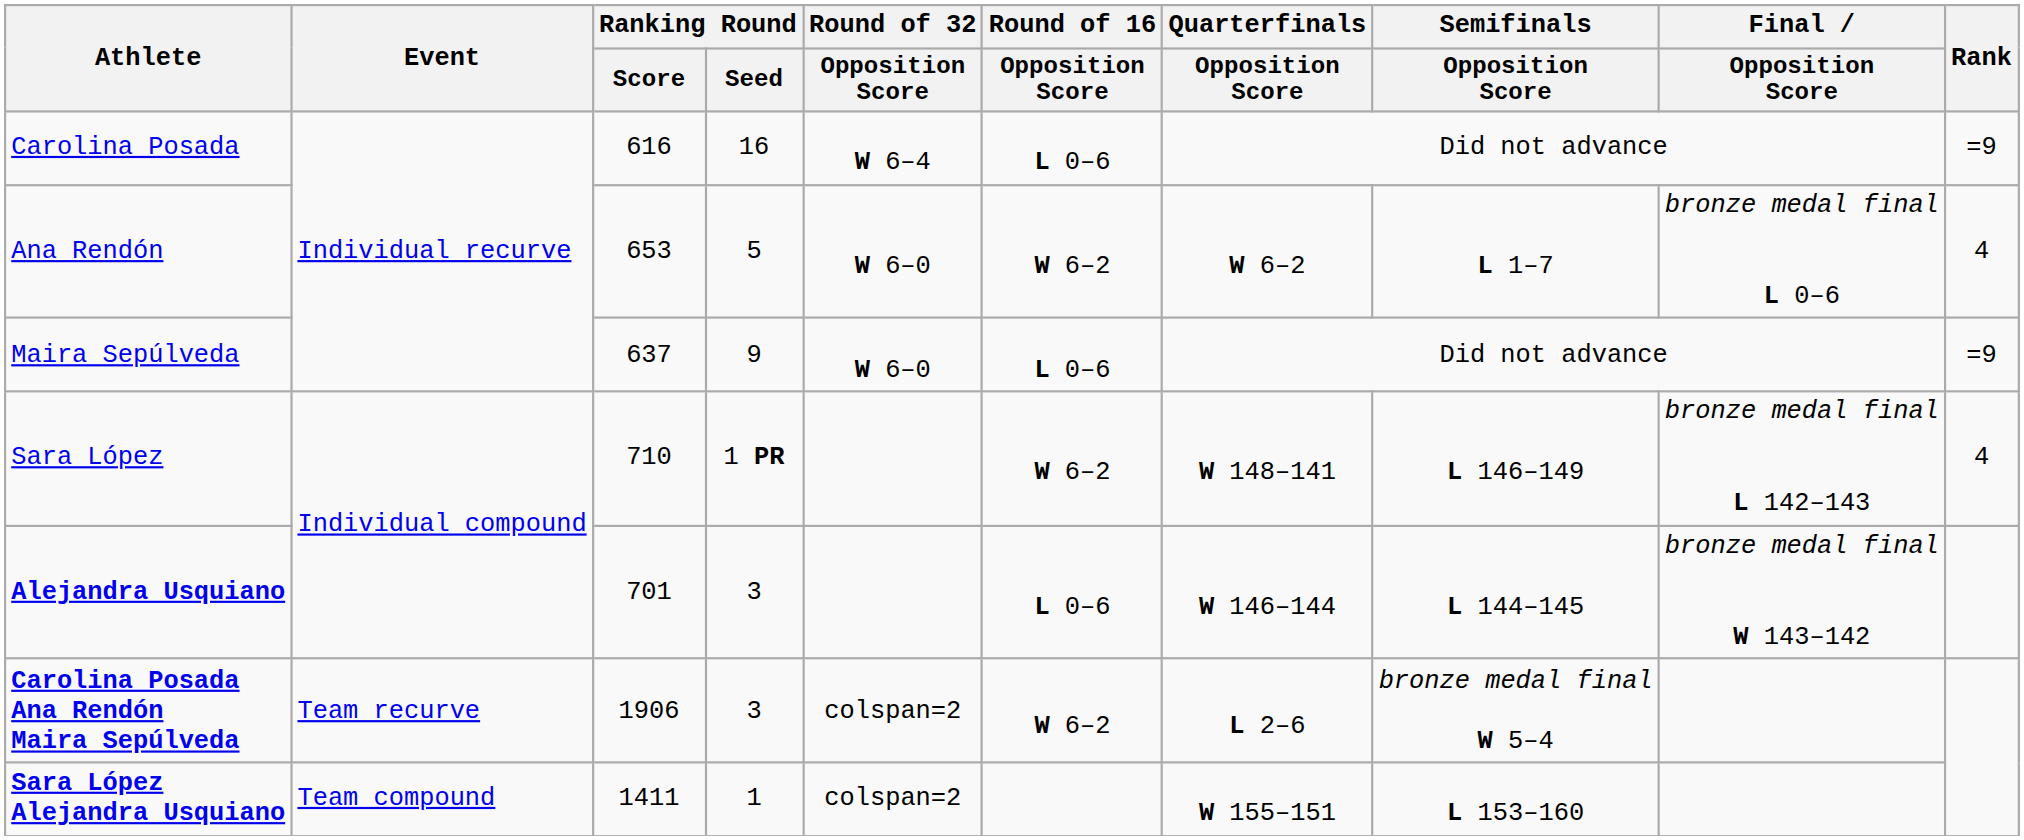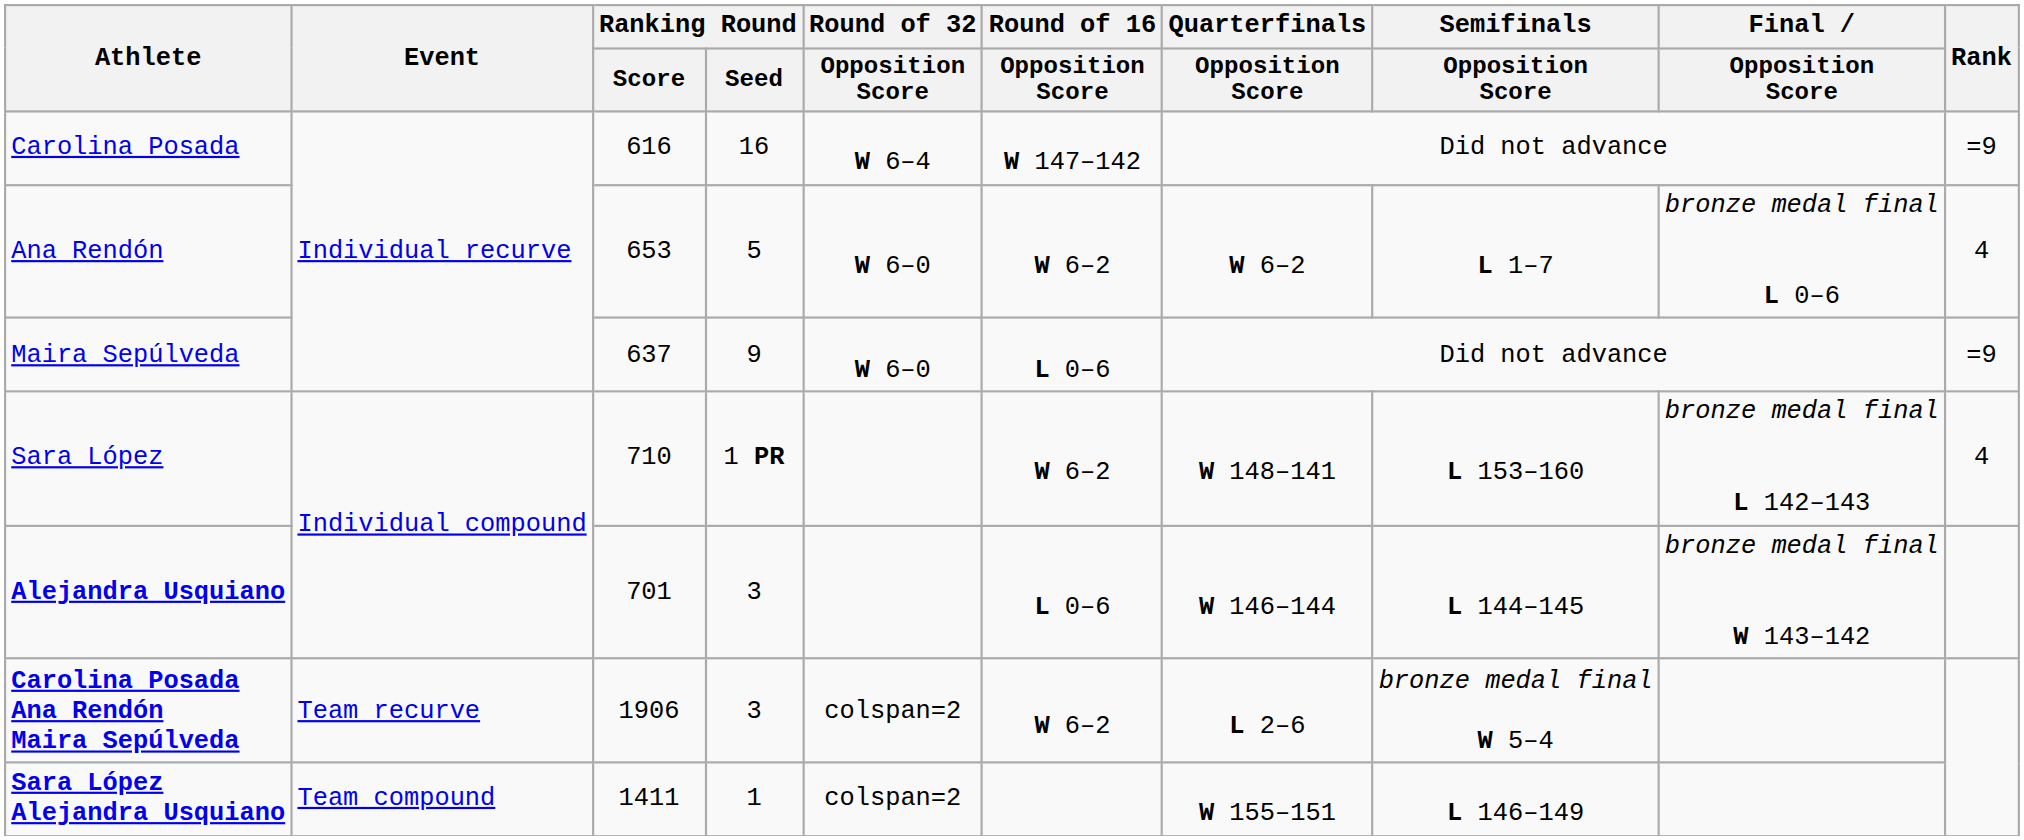 <table class="wikitable" style="font-size:90%">
 <tr>
 <th rowspan="2">Athlete</th>
 <th rowspan="2">Event</th>
 <th colspan="2">Ranking Round</th>
 <th>Round of 32</th>
 <th>Round of 16</th>
 <th>Quarterfinals</th>
 <th>Semifinals</th>
 <th>Final / </th>
 <th rowspan="2">Rank</th>
 </tr>
 <tr style="font-size:95%">
 <th>Score</th>
 <th>Seed</th>
 <th>Opposition<br>Score</th>
 <th>Opposition<br>Score</th>
 <th>Opposition<br>Score</th>
 <th>Opposition<br>Score</th>
 <th>Opposition<br>Score</th>
 </tr>
 <tr align=center>
 <td align=left><a href='#'>Carolina Posada</a></td>
 <td align=left rowspan=3><a href='#'>Individual recurve</a></td>
 <td>616</td>
 <td>16</td>
 <td><br><strong>W</strong> 6–4</td>
-<td><br><strong>L</strong> 0–6</td>
+<td><br><strong>W</strong> 147–142</td>
 <td colspan=3>Did not advance</td>
 <td>=9</td>
 </tr>
 <tr align=center>
 <td align=left><a href='#'>Ana Rendón</a></td>
 <td>653</td>
 <td>5</td>
 <td><br><strong>W</strong> 6–0</td>
 <td><br><strong>W</strong> 6–2</td>
 <td><br><strong>W</strong> 6–2</td>
 <td><br><strong>L</strong> 1–7</td>
 <td><em>bronze medal final</em><br><br><br> <strong>L</strong> 0–6</td>
 <td>4</td>
 </tr>
 <tr align=center>
 <td align=left><a href='#'>Maira Sepúlveda</a></td>
 <td>637</td>
 <td>9</td>
 <td><br><strong>W</strong> 6–0</td>
 <td><br> <strong>L</strong> 0–6</td>
 <td colspan=3>Did not advance</td>
 <td>=9</td>
 </tr>
 <tr align=center>
 <td align=left><a href='#'>Sara López</a></td>
 <td align=left rowspan=2><a href='#'>Individual compound</a></td>
 <td>710</td>
 <td>1 <strong>PR</strong></td>
 <td></td>
 <td><br><strong>W</strong> 6–2</td>
 <td><br><strong>W</strong> 148–141</td>
-<td><br><strong>L</strong> 146–149</td>
+<td><br> <strong>L</strong> 153–160</td>
 <td><em>bronze medal final</em><br><br><br> <strong>L</strong> 142–143</td>
 <td>4</td>
 </tr>
 <tr align=center>
 <td align=left><strong><a href='#'>Alejandra Usquiano</a></strong></td>
 <td>701</td>
 <td>3</td>
 <td></td>
 <td><br><strong>L</strong> 0–6</td>
 <td><br><strong>W</strong> 146–144</td>
 <td><br><strong>L</strong> 144–145</td>
 <td><em>bronze medal final</em><br><br><br> <strong>W</strong> 143–142</td>
 <td></td>
 </tr>
 <tr align=center>
 <td align=left><strong><a href='#'>Carolina Posada</a><br><a href='#'>Ana Rendón</a><br><a href='#'>Maira Sepúlveda</a></strong></td>
 <td align=left><a href='#'>Team recurve</a></td>
 <td>1906</td>
 <td>3</td>
 <td>colspan=2 </td>
 <td><br> <strong>W</strong> 6–2</td>
 <td><br> <strong>L</strong> 2–6</td>
 <td><em>bronze medal final</em><br><br> <strong>W</strong> 5–4</td>
 <td></td>
 </tr>
 <tr align=center>
 <td align=left><strong><a href='#'>Sara López</a><br><a href='#'>Alejandra Usquiano</a></strong></td>
 <td align=left><a href='#'>Team compound</a></td>
 <td>1411</td>
 <td>1</td>
 <td>colspan=2 </td>
 <td></td>
 <td><br> <strong>W</strong> 155–151</td>
-<td><br> <strong>L</strong> 153–160</td>
+<td><br><strong>L</strong> 146–149</td>
 <td></td>
 </tr>
 </table>
